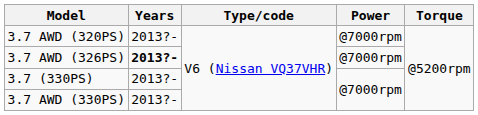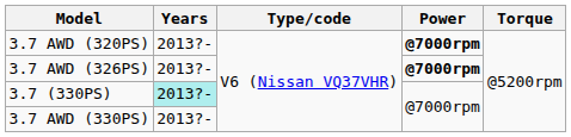 <table class="wikitable sortable collapsible">
 <tr>
 <th>Model</th>
 <th>Years</th>
 <th>Type/code</th>
 <th>Power</th>
 <th>Torque</th>
 </tr>
 <tr>
 <td>3.7 AWD (320PS)</td>
 <td>2013?-</td>
 <td rowspan="4"> V6 (<a href='#'>Nissan VQ37VHR</a>)</td>
-<td> @7000rpm</td>
+<td><strong> @7000rpm</strong></td>
 <td rowspan="4"> @5200rpm</td>
 </tr>
 <tr>
 <td>3.7 AWD (326PS)</td>
-<td><strong>2013?-</strong></td>
-<td> @7000rpm</td>
+<td>2013?-</td>
+<td><strong> @7000rpm</strong></td>
 </tr>
 <tr>
 <td>3.7 (330PS)</td>
-<td>2013?-</td>
+<td style="background: paleturquoise;">2013?-</td>
 <td rowspan="2"> @7000rpm</td>
 </tr>
 <tr>
 <td>3.7 AWD (330PS)</td>
 <td>2013?-</td>
 </tr>
 </table>
